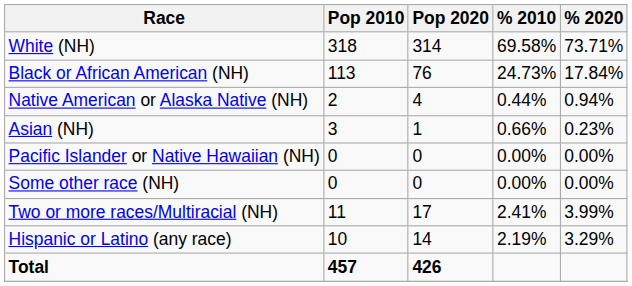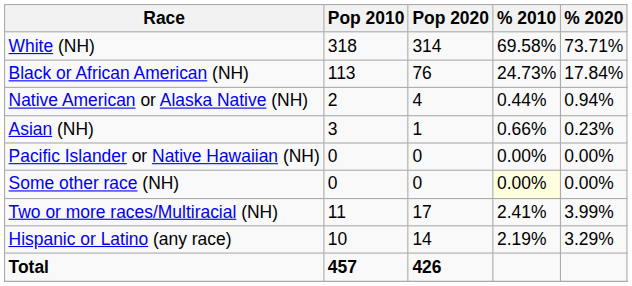 <table class="wikitable">
 <tr>
 <th>Race</th>
 <th>Pop 2010</th>
 <th>Pop 2020</th>
 <th>% 2010</th>
 <th>% 2020</th>
 </tr>
 <tr>
 <td><a href='#'>White</a> (NH)</td>
 <td>318</td>
 <td>314</td>
 <td>69.58%</td>
 <td>73.71%</td>
 </tr>
 <tr>
 <td><a href='#'>Black or African American</a> (NH)</td>
 <td>113</td>
 <td>76</td>
 <td>24.73%</td>
 <td>17.84%</td>
 </tr>
 <tr>
 <td><a href='#'>Native American</a> or <a href='#'>Alaska Native</a> (NH)</td>
 <td>2</td>
 <td>4</td>
 <td>0.44%</td>
 <td>0.94%</td>
 </tr>
 <tr>
 <td><a href='#'>Asian</a> (NH)</td>
 <td>3</td>
 <td>1</td>
 <td>0.66%</td>
 <td>0.23%</td>
 </tr>
 <tr>
 <td><a href='#'>Pacific Islander</a> or <a href='#'>Native Hawaiian</a> (NH)</td>
 <td>0</td>
 <td>0</td>
 <td>0.00%</td>
 <td>0.00%</td>
 </tr>
 <tr>
 <td><a href='#'>Some other race</a> (NH)</td>
 <td>0</td>
 <td>0</td>
-<td>0.00%</td>
+<td style="background: lightyellow;">0.00%</td>
 <td>0.00%</td>
 </tr>
 <tr>
 <td><a href='#'>Two or more races/Multiracial</a> (NH)</td>
 <td>11</td>
 <td>17</td>
 <td>2.41%</td>
 <td>3.99%</td>
 </tr>
 <tr>
 <td><a href='#'>Hispanic or Latino</a> (any race)</td>
 <td>10</td>
 <td>14</td>
 <td>2.19%</td>
 <td>3.29%</td>
 </tr>
 <tr>
 <td><strong>Total</strong></td>
 <td><strong>457</strong></td>
 <td><strong>426</strong></td>
 <td></td>
 <td></td>
 </tr>
 <tr>
 </tr>
 </table>
